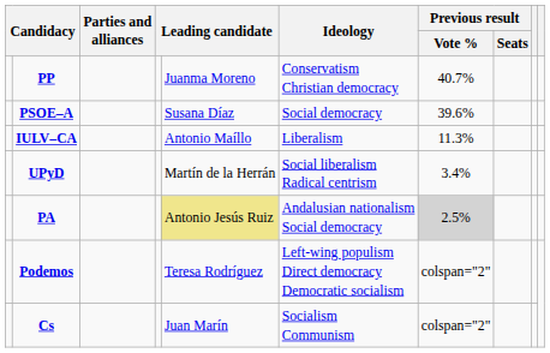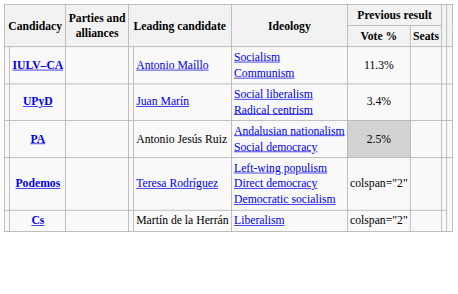 <table class="wikitable" style="line-height:1.35em; text-align:left;">
 <tr>
 <th colspan="2" rowspan="2">Candidacy</th>
 <th rowspan="2">Parties and<br>alliances</th>
 <th colspan="2" rowspan="2">Leading candidate</th>
 <th rowspan="2">Ideology</th>
 <th colspan="2">Previous result</th>
 <th rowspan="2"></th>
 <th rowspan="2"></th>
 </tr>
 <tr>
 <th>Vote %</th>
 <th>Seats</th>
 </tr>
 <tr>
-<td width="1" style="color:inherit;background:"></td>
-<td align="center"><strong><a href='#'>PP</a></strong></td>
-<td></td>
-<td></td>
-<td><a href='#'>Juanma Moreno</a></td>
-<td><a href='#'>Conservatism</a><br><a href='#'>Christian democracy</a></td>
-<td align="center">40.7%</td>
-<td></td>
-<td></td>
-<td></td>
-</tr>
-<tr>
-<td style="color:inherit;background:"></td>
-<td align="center"><strong><a href='#'>PSOE–A</a></strong></td>
-<td></td>
-<td></td>
-<td><a href='#'>Susana Díaz</a></td>
-<td><a href='#'>Social democracy</a></td>
-<td align="center">39.6%</td>
-<td></td>
-<td></td>
-<td></td>
-</tr>
-<tr>
 <td style="color:inherit;background:"></td>
 <td align="center"><strong><a href='#'>IULV–CA</a></strong></td>
 <td></td>
 <td></td>
 <td><a href='#'>Antonio Maíllo</a></td>
-<td><a href='#'>Liberalism</a></td>
+<td><a href='#'>Socialism</a><br><a href='#'>Communism</a></td>
 <td align="center">11.3%</td>
 <td></td>
 <td></td>
 <td></td>
 </tr>
 <tr>
 <td style="color:inherit;background:"></td>
 <td align="center"><strong><a href='#'>UPyD</a></strong></td>
 <td></td>
 <td></td>
-<td>Martín de la Herrán</td>
+<td><a href='#'>Juan Marín</a></td>
 <td><a href='#'>Social liberalism</a><br><a href='#'>Radical centrism</a></td>
 <td align="center">3.4%</td>
 <td></td>
 <td></td>
 <td></td>
 </tr>
 <tr>
 <td style="color:inherit;background:"></td>
 <td align="center"><strong><a href='#'>PA</a></strong></td>
 <td></td>
 <td></td>
-<td style="background: khaki;">Antonio Jesús Ruiz</td>
+<td>Antonio Jesús Ruiz</td>
 <td><a href='#'>Andalusian nationalism</a><br><a href='#'>Social democracy</a></td>
 <td align="center" style="background: lightgrey;">2.5%</td>
 <td></td>
 <td></td>
 <td></td>
 </tr>
 <tr>
 <td style="color:inherit;background:"></td>
 <td align="center"><strong><a href='#'>Podemos</a></strong></td>
 <td></td>
 <td></td>
 <td><a href='#'>Teresa Rodríguez</a></td>
 <td><a href='#'>Left-wing populism</a><br><a href='#'>Direct democracy</a><br><a href='#'>Democratic socialism</a></td>
 <td>colspan="2" </td>
 <td></td>
 <td></td>
 </tr>
 <tr>
 <td style="color:inherit;background:"></td>
 <td align="center"><strong><a href='#'>Cs</a></strong></td>
 <td></td>
 <td></td>
-<td><a href='#'>Juan Marín</a></td>
-<td><a href='#'>Socialism</a><br><a href='#'>Communism</a></td>
+<td>Martín de la Herrán</td>
+<td><a href='#'>Liberalism</a></td>
 <td>colspan="2" </td>
 <td></td>
 <td></td>
 </tr>
 </table>
